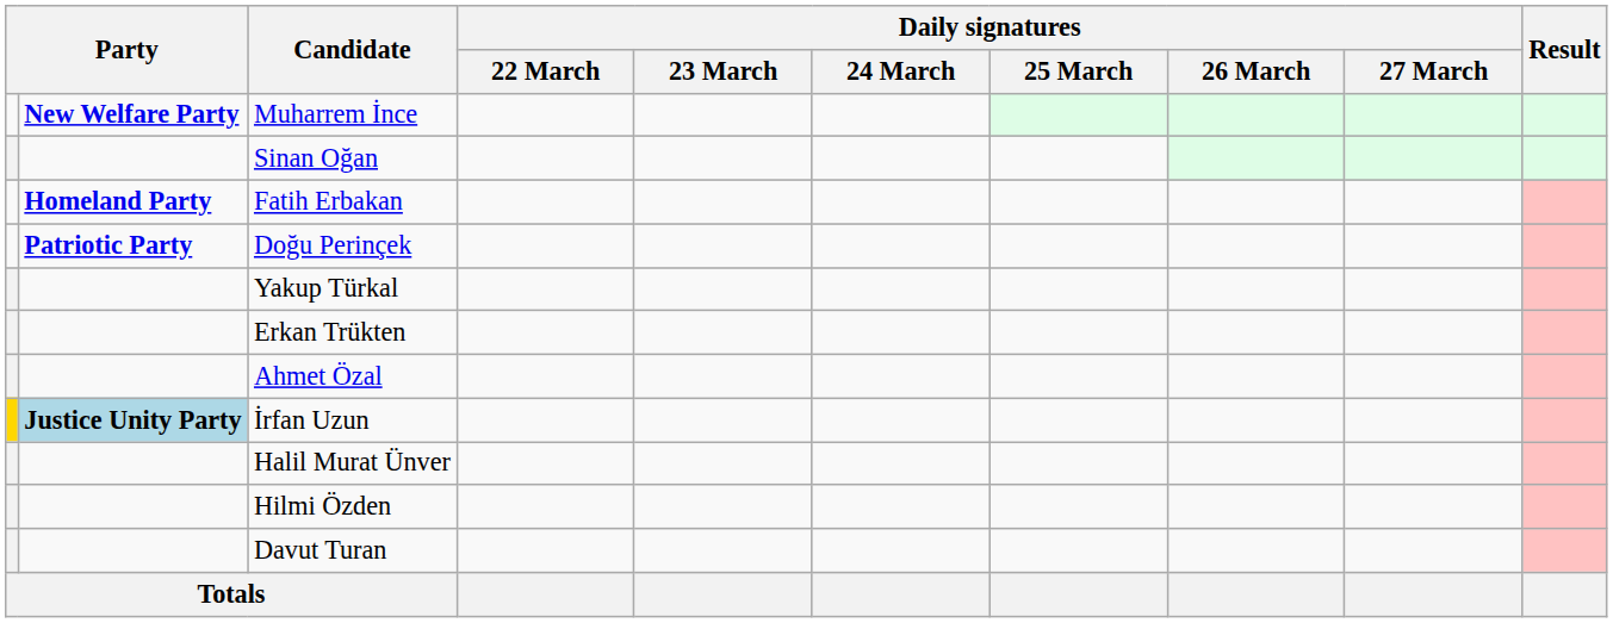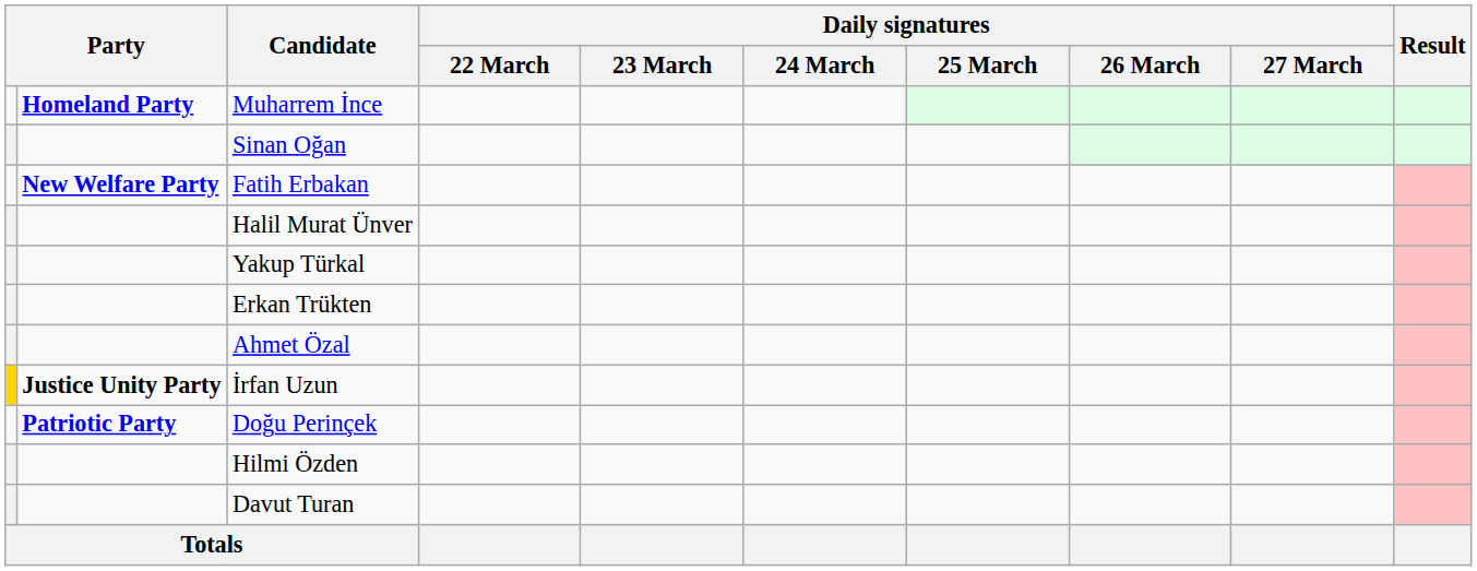 <table class=wikitable style="font-size:90%;">
 <tr>
 <th rowspan="2" colspan="2">Party</th>
 <th rowspan="2">Candidate</th>
 <th colspan="6">Daily signatures</th>
 <th rowspan="2">Result</th>
 </tr>
 <tr>
 <th width="90px">22 March</th>
 <th width="90px">23 March</th>
 <th width="90px">24 March</th>
 <th width="90px">25 March</th>
 <th width="90px">26 March</th>
 <th width="90px">27 March</th>
 </tr>
 <tr>
 <td style="background: "></td>
-<td><strong><a href='#'>New Welfare Party</a></strong></td>
+<td><strong><a href='#'>Homeland Party</a></strong></td>
 <td><a href='#'>Muharrem İnce</a></td>
 <td></td>
 <td></td>
 <td></td>
 <td style="background: #DEFDE6"></td>
 <td style="background: #DEFDE6"></td>
 <td style="background: #DEFDE6"></td>
 <th style="background: #DEFDE6"></th>
 </tr>
 <tr>
 <th></th>
 <td></td>
 <td><a href='#'>Sinan Oğan</a></td>
 <td></td>
 <td></td>
 <td></td>
 <td></td>
 <td style="background: #DEFDE6"></td>
 <td style="background: #DEFDE6"></td>
 <th style="background: #DEFDE6"></th>
 </tr>
 <tr>
 <td style="background: "></td>
-<td><strong><a href='#'>Homeland Party</a></strong></td>
+<td><strong><a href='#'>New Welfare Party</a></strong></td>
 <td><a href='#'>Fatih Erbakan</a></td>
 <td></td>
 <td></td>
 <td></td>
 <td></td>
 <td></td>
 <td></td>
 <th style="background: #FFC2C2"></th>
 </tr>
 <tr>
-<td style="background: "></td>
-<td><strong><a href='#'>Patriotic Party</a></strong></td>
-<td><a href='#'>Doğu Perinçek</a></td>
+<th></th>
+<td></td>
+<td>Halil Murat Ünver</td>
 <td></td>
 <td></td>
 <td></td>
 <td></td>
 <td></td>
 <td></td>
 <th style="background: #FFC2C2"></th>
 </tr>
 <tr>
 <th></th>
 <td></td>
 <td>Yakup Türkal</td>
 <td></td>
 <td></td>
 <td></td>
 <td></td>
 <td></td>
 <td></td>
 <th style="background: #FFC2C2"></th>
 </tr>
 <tr>
 <th></th>
 <td></td>
 <td>Erkan Trükten</td>
 <td></td>
 <td></td>
 <td></td>
 <td></td>
 <td></td>
 <td></td>
 <th style="background: #FFC2C2"></th>
 </tr>
 <tr>
 <th></th>
 <td></td>
 <td><a href='#'>Ahmet Özal</a></td>
 <td></td>
 <td></td>
 <td></td>
 <td></td>
 <td></td>
 <td></td>
 <th style="background: #FFC2C2"></th>
 </tr>
 <tr>
 <th style="background-color:#FFD700"></th>
-<td style="background: lightblue;"><strong>Justice Unity Party</strong></td>
+<td><strong>Justice Unity Party</strong></td>
 <td>İrfan Uzun</td>
 <td></td>
 <td></td>
 <td></td>
 <td></td>
 <td></td>
 <td></td>
 <th style="background: #FFC2C2"></th>
 </tr>
 <tr>
-<th></th>
-<td></td>
-<td>Halil Murat Ünver</td>
+<td style="background: "></td>
+<td><strong><a href='#'>Patriotic Party</a></strong></td>
+<td><a href='#'>Doğu Perinçek</a></td>
 <td></td>
 <td></td>
 <td></td>
 <td></td>
 <td></td>
 <td></td>
 <th style="background: #FFC2C2"></th>
 </tr>
 <tr>
 <th></th>
 <td></td>
 <td>Hilmi Özden</td>
 <td></td>
 <td></td>
 <td></td>
 <td></td>
 <td></td>
 <td></td>
 <th style="background: #FFC2C2"></th>
 </tr>
 <tr>
 <th></th>
 <td></td>
 <td>Davut Turan</td>
 <td></td>
 <td></td>
 <td></td>
 <td></td>
 <td></td>
 <td></td>
 <th style="background: #FFC2C2"></th>
 </tr>
 <tr>
 <th colspan=3>Totals</th>
 <th></th>
 <th></th>
 <th></th>
 <th></th>
 <th></th>
 <th></th>
 <th></th>
 </tr>
 </table>
